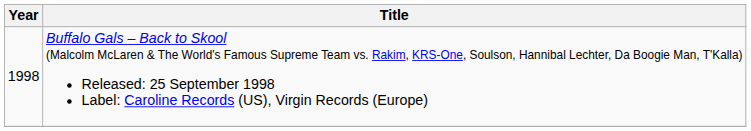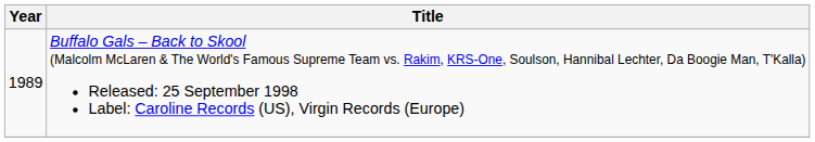 <table class="wikitable" style=text-align:center;>
 <tr>
 <th rowspan="1">Year</th>
 <th rowspan="1">Title</th>
 </tr>
 <tr>
-<td rowspan="1">1998</td>
+<td rowspan="1">1989</td>
 <td align="left"><em><a href='#'>Buffalo Gals – Back to Skool</a></em> <br><small>(Malcolm McLaren & The World's Famous Supreme Team vs. <a href='#'>Rakim</a>, <a href='#'>KRS-One</a>, Soulson, Hannibal Lechter, Da Boogie Man, T'Kalla)</small><br><ul><li>Released: 25 September 1998</li><li>Label: <a href='#'>Caroline Records</a> (US), Virgin Records (Europe)</li></ul></td>
 </tr>
 <tr>
 </tr>
 </table>
